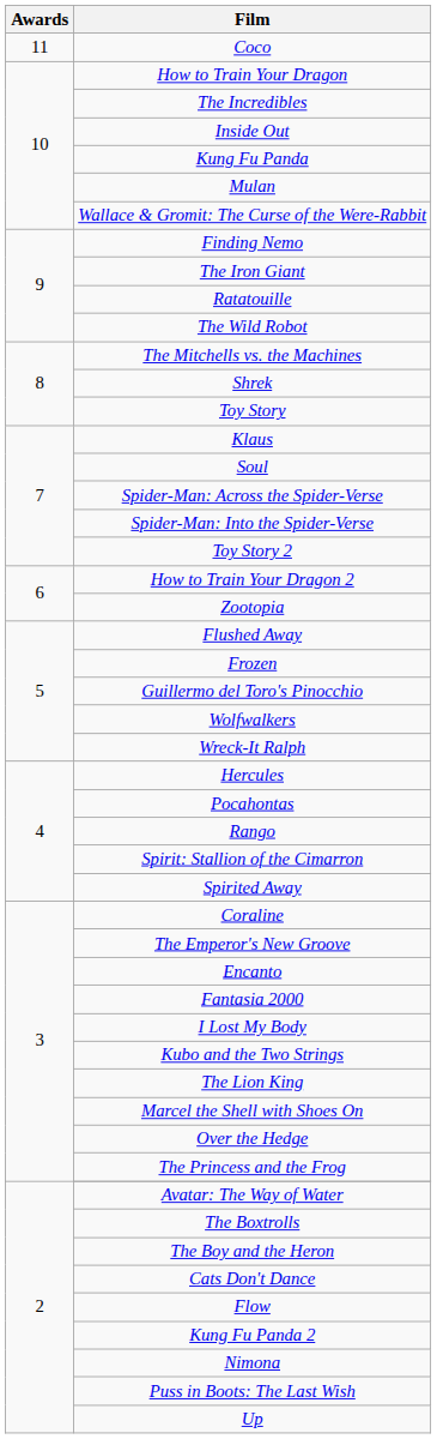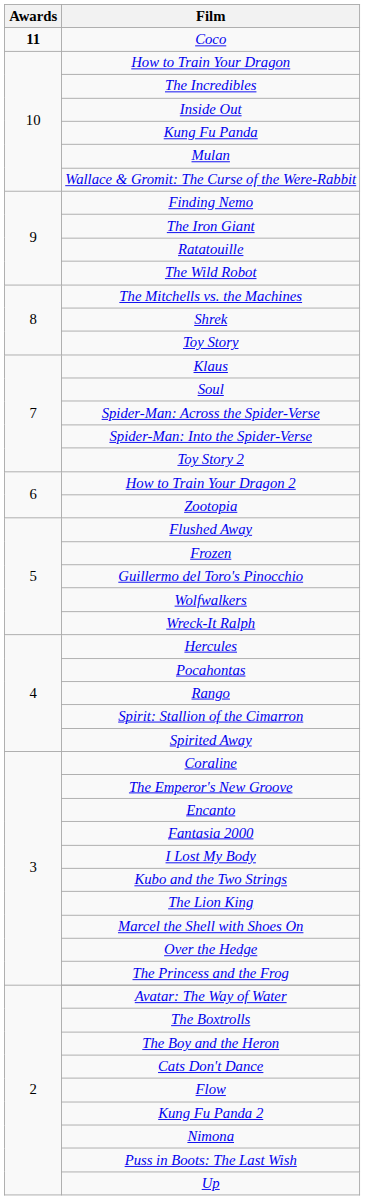 <table class="wikitable" style="text-align: center">
 <tr>
 <th scope="col" width="55">Awards</th>
 <th scope="col" align="center">Film</th>
 </tr>
 <tr>
-<td style="text-align:center">11</td>
+<td style="text-align:center"><strong>11</strong></td>
 <td><em><a href='#'>Coco</a></em></td>
 </tr>
 <tr>
 <td rowspan=6 style="text-align:center">10</td>
 <td><em><a href='#'>How to Train Your Dragon</a></em></td>
 </tr>
 <tr>
 <td><em><a href='#'>The Incredibles</a></em></td>
 </tr>
 <tr>
 <td><em><a href='#'>Inside Out</a></em></td>
 </tr>
 <tr>
 <td><em><a href='#'>Kung Fu Panda</a></em></td>
 </tr>
 <tr>
 <td><em><a href='#'>Mulan</a></em></td>
 </tr>
 <tr>
 <td><em><a href='#'>Wallace & Gromit: The Curse of the Were-Rabbit</a></em></td>
 </tr>
 <tr>
 <td rowspan=4 style="text-align:center">9</td>
 <td><em><a href='#'>Finding Nemo</a></em></td>
 </tr>
 <tr>
 <td><em><a href='#'>The Iron Giant</a></em></td>
 </tr>
 <tr>
 <td><em><a href='#'>Ratatouille</a></em></td>
 </tr>
 <tr>
 <td><em><a href='#'>The Wild Robot</a></em></td>
 </tr>
 <tr>
 <td rowspan=3 style="text-align:center">8</td>
 <td><em><a href='#'>The Mitchells vs. the Machines</a></em></td>
 </tr>
 <tr>
 <td><em><a href='#'>Shrek</a></em></td>
 </tr>
 <tr>
 <td><em><a href='#'>Toy Story</a></em></td>
 </tr>
 <tr>
 <td rowspan=5 style="text-align:center">7</td>
 <td><em><a href='#'>Klaus</a></em></td>
 </tr>
 <tr>
 <td><em><a href='#'>Soul</a></em></td>
 </tr>
 <tr>
 <td><em><a href='#'>Spider-Man: Across the Spider-Verse</a></em></td>
 </tr>
 <tr>
 <td><em><a href='#'>Spider-Man: Into the Spider-Verse</a></em></td>
 </tr>
 <tr>
 <td><em><a href='#'>Toy Story 2</a></em></td>
 </tr>
 <tr>
 <td rowspan=2 style="text-align:center">6</td>
 <td><em><a href='#'>How to Train Your Dragon 2</a></em></td>
 </tr>
 <tr>
 <td><em><a href='#'>Zootopia</a></em></td>
 </tr>
 <tr>
 <td rowspan=5 style="text-align:center">5</td>
 <td><em><a href='#'>Flushed Away</a></em></td>
 </tr>
 <tr>
 <td><em><a href='#'>Frozen</a></em></td>
 </tr>
 <tr>
 <td><em><a href='#'>Guillermo del Toro's Pinocchio</a></em></td>
 </tr>
 <tr>
 <td><em><a href='#'>Wolfwalkers</a></em></td>
 </tr>
 <tr>
 <td><em><a href='#'>Wreck-It Ralph</a></em></td>
 </tr>
 <tr>
 <td rowspan=5 style="text-align:center">4</td>
 <td><em><a href='#'>Hercules</a></em></td>
 </tr>
 <tr>
 <td><em><a href='#'>Pocahontas</a></em></td>
 </tr>
 <tr>
 <td><em><a href='#'>Rango</a></em></td>
 </tr>
 <tr>
 <td><em><a href='#'>Spirit: Stallion of the Cimarron</a></em></td>
 </tr>
 <tr>
 <td><em><a href='#'>Spirited Away</a></em></td>
 </tr>
 <tr>
 <td rowspan=10 style="text-align:center">3</td>
 <td><em><a href='#'>Coraline</a></em></td>
 </tr>
 <tr>
 <td><em><a href='#'>The Emperor's New Groove</a></em></td>
 </tr>
 <tr>
 <td><em><a href='#'>Encanto</a></em></td>
 </tr>
 <tr>
 <td><em><a href='#'>Fantasia 2000</a></em></td>
 </tr>
 <tr>
 <td><em><a href='#'>I Lost My Body</a></em></td>
 </tr>
 <tr>
 <td><em><a href='#'>Kubo and the Two Strings</a></em></td>
 </tr>
 <tr>
 <td><em><a href='#'>The Lion King</a></em></td>
 </tr>
 <tr>
 <td><em><a href='#'>Marcel the Shell with Shoes On</a></em></td>
 </tr>
 <tr>
 <td><em><a href='#'>Over the Hedge</a></em></td>
 </tr>
 <tr>
 <td><em><a href='#'>The Princess and the Frog</a></em></td>
 </tr>
 <tr>
 <td rowspan=10 style="text-align:center">2</td>
 </tr>
 <tr>
 <td><em><a href='#'>Avatar: The Way of Water</a></em></td>
 </tr>
 <tr>
 <td><em><a href='#'>The Boxtrolls</a></em></td>
 </tr>
 <tr>
 <td><em><a href='#'>The Boy and the Heron</a></em></td>
 </tr>
 <tr>
 <td><em><a href='#'>Cats Don't Dance</a></em></td>
 </tr>
 <tr>
 <td><em><a href='#'>Flow</a></em></td>
 </tr>
 <tr>
 <td><em><a href='#'>Kung Fu Panda 2</a></em></td>
 </tr>
 <tr>
 <td><em><a href='#'>Nimona</a></em></td>
 </tr>
 <tr>
 <td><em><a href='#'>Puss in Boots: The Last Wish</a></em></td>
 </tr>
 <tr>
 <td><em><a href='#'>Up</a></em></td>
 </tr>
 </table>
